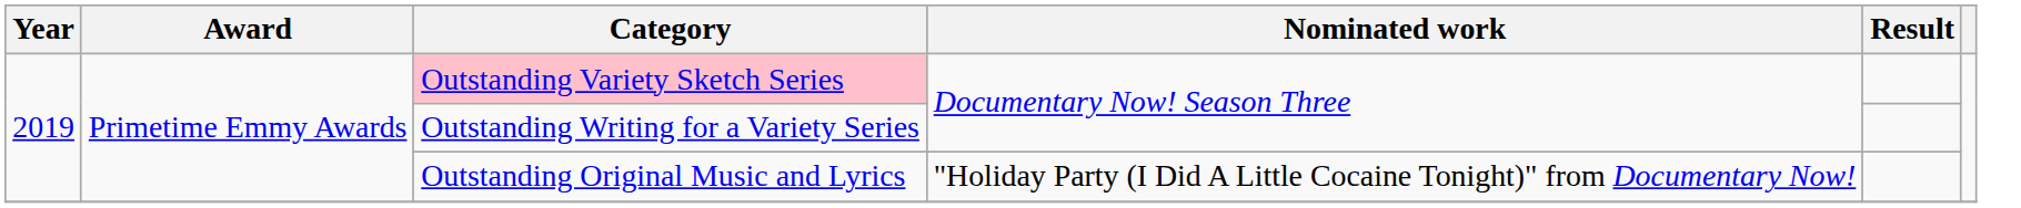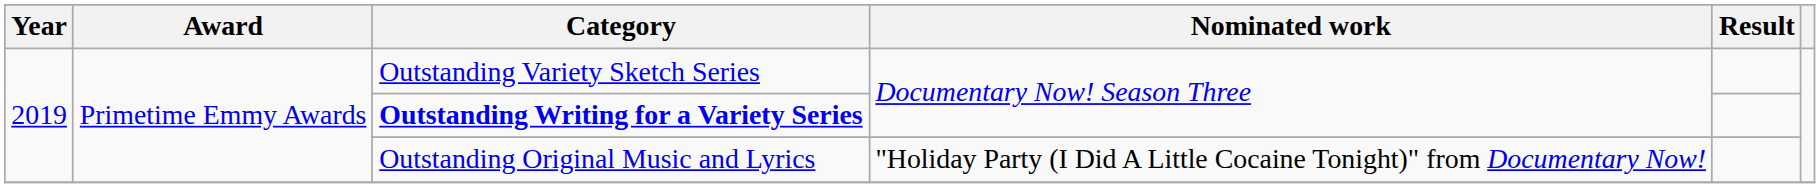 <table class="wikitable">
 <tr>
 <th>Year</th>
 <th>Award</th>
 <th>Category</th>
 <th>Nominated work</th>
 <th>Result</th>
 <th></th>
 </tr>
 <tr>
 <td rowspan=3><a href='#'>2019</a></td>
 <td rowspan=3><a href='#'>Primetime Emmy Awards</a></td>
-<td style="background: pink;"><a href='#'>Outstanding Variety Sketch Series</a></td>
+<td><a href='#'>Outstanding Variety Sketch Series</a></td>
 <td rowspan=2><em><a href='#'>Documentary Now! Season Three</a></em></td>
 <td></td>
 <td rowspan=3></td>
 </tr>
 <tr>
-<td><a href='#'>Outstanding Writing for a Variety Series</a></td>
+<td><strong><a href='#'>Outstanding Writing for a Variety Series</a></strong></td>
 <td></td>
 </tr>
 <tr>
 <td><a href='#'>Outstanding Original Music and Lyrics</a></td>
 <td>"Holiday Party (I Did A Little Cocaine Tonight)" from <em><a href='#'>Documentary Now!</a></em></td>
 <td></td>
 </tr>
 <tr>
 </tr>
 </table>
